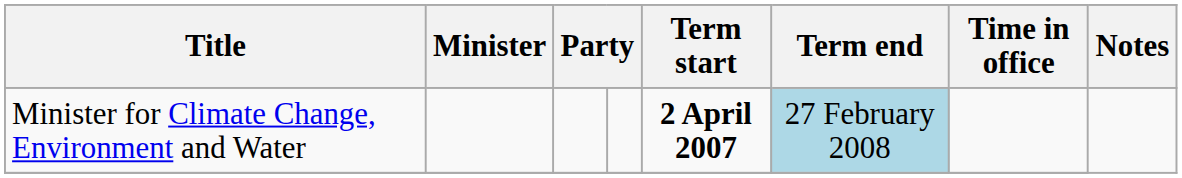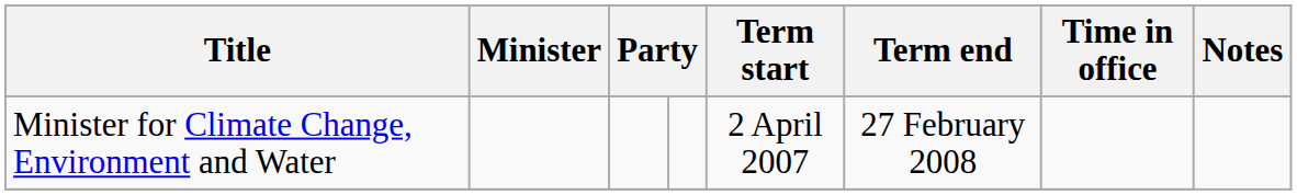 <table class="wikitable sortable">
 <tr>
 <th>Title</th>
 <th>Minister</th>
 <th colspan=2>Party</th>
 <th data-sort-type=date>Term start</th>
 <th data-sort-type=date>Term end</th>
 <th>Time in office</th>
 <th class="unsortable">Notes</th>
 </tr>
 <tr>
 <td>Minister for <a href='#'>Climate Change, Environment</a> and Water</td>
 <td></td>
 <td> </td>
 <td></td>
-<td align=center><strong>2 April 2007</strong></td>
-<td align=center style="background: lightblue;">27 February 2008</td>
+<td align=center>2 April 2007</td>
+<td align=center>27 February 2008</td>
 <td align=right></td>
 </tr>
 <tr>
 </tr>
 </table>
